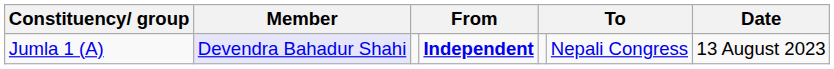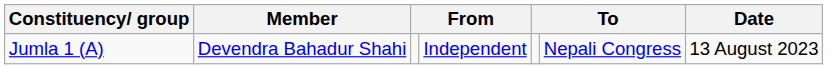 <table class="wikitable">
 <tr>
 <th>Constituency/ group</th>
 <th>Member</th>
 <th colspan="2">From</th>
 <th colspan="2">To</th>
 <th>Date</th>
 </tr>
 <tr>
 <td><a href='#'>Jumla 1 (A)</a></td>
-<td style="background: lavender;"><a href='#'>Devendra Bahadur Shahi</a></td>
+<td><a href='#'>Devendra Bahadur Shahi</a></td>
 <td></td>
-<td><strong><a href='#'>Independent</a></strong></td>
+<td><a href='#'>Independent</a></td>
 <td></td>
 <td><a href='#'>Nepali Congress</a></td>
 <td>13 August 2023</td>
 </tr>
 </table>
